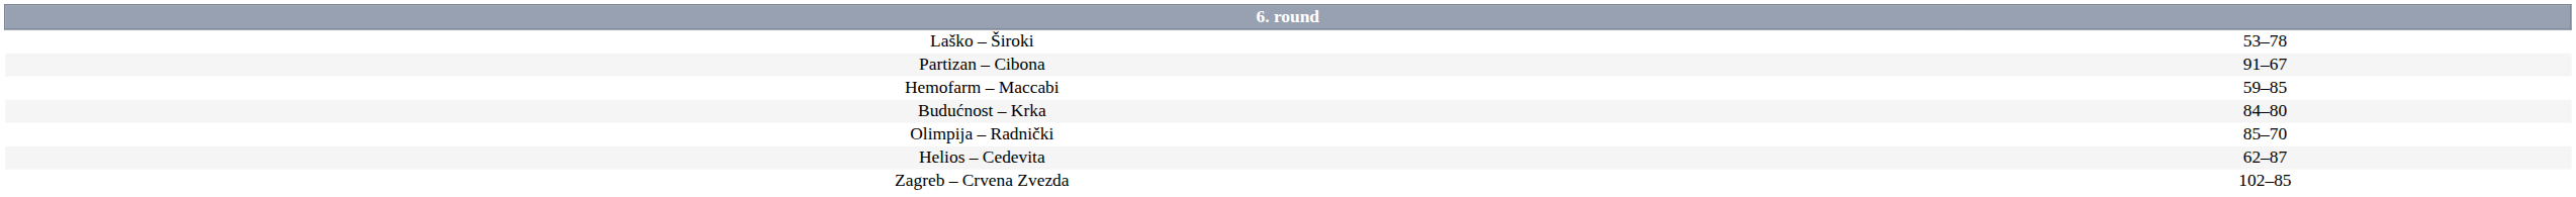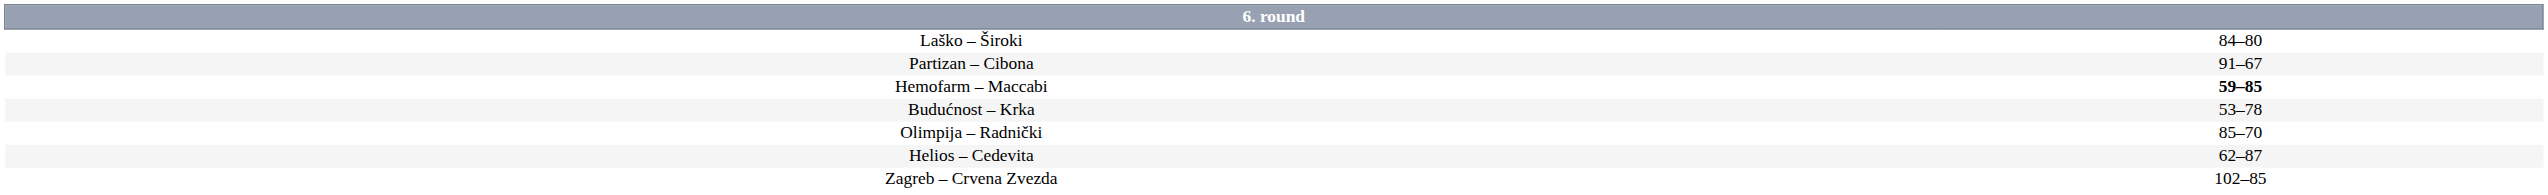 <table border=0 cellspacing=0 cellpadding=1em style="font-size: 85%; border-collapse: collapse;" width=100%>
 <tr>
 <td colspan=5 bgcolor=#98A1B2 style="border:1px solid #7A8392; text-align:center; color:#FFFFFF;"><strong>6. round</strong></td>
 </tr>
 <tr style="text-align:center; background:#FFFFFF">
 <td>Laško – Široki</td>
-<td>53–78</td>
+<td>84–80</td>
 </tr>
 <tr align=center bgcolor=#f5f5f5>
 <td>Partizan – Cibona</td>
 <td>91–67</td>
 </tr>
 <tr style="text-align:center; background:#FFFFFF">
 <td>Hemofarm – Maccabi</td>
-<td>59–85</td>
+<td><strong>59–85</strong></td>
 </tr>
 <tr align=center bgcolor=#f5f5f5>
 <td>Budućnost – Krka</td>
-<td>84–80</td>
+<td>53–78</td>
 </tr>
 <tr style="text-align:center; background:#FFFFFF">
 <td>Olimpija – Radnički</td>
 <td>85–70</td>
 </tr>
 <tr align=center bgcolor=#f5f5f5>
 <td>Helios – Cedevita</td>
 <td>62–87</td>
 </tr>
 <tr style="text-align:center; background:#FFFFFF">
 <td>Zagreb – Crvena Zvezda</td>
 <td>102–85</td>
 </tr>
 </table>
